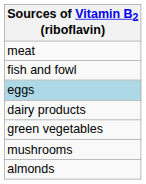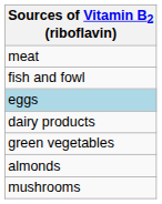 <table class="wikitable mw-collapsible mw-collapsed">
 <tr>
 <th>Sources of <strong><a href='#'>Vitamin B<sub>2</sub></a></strong><br>(riboflavin)</th>
 </tr>
 <tr>
 <td>meat</td>
 </tr>
 <tr>
 <td>fish and fowl</td>
 </tr>
 <tr>
 <td style="background: lightblue;">eggs</td>
 </tr>
 <tr>
 <td>dairy products</td>
 </tr>
 <tr>
 <td>green vegetables</td>
 </tr>
 <tr>
+<td>almonds<br></td>
+</tr>
+<tr>
 <td>mushrooms</td>
 </tr>
-<tr>
-<td>almonds<br></td>
-</tr>
 </table>
